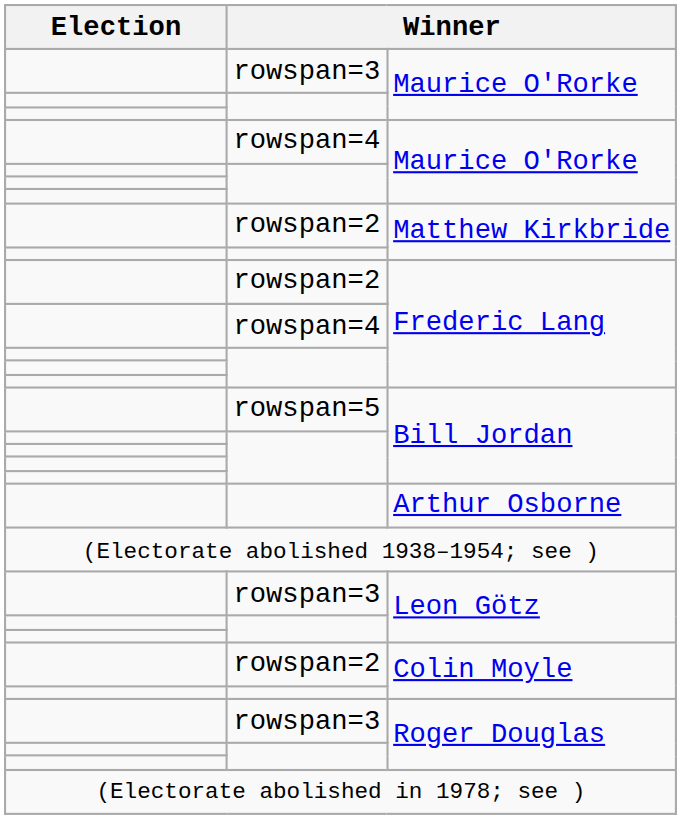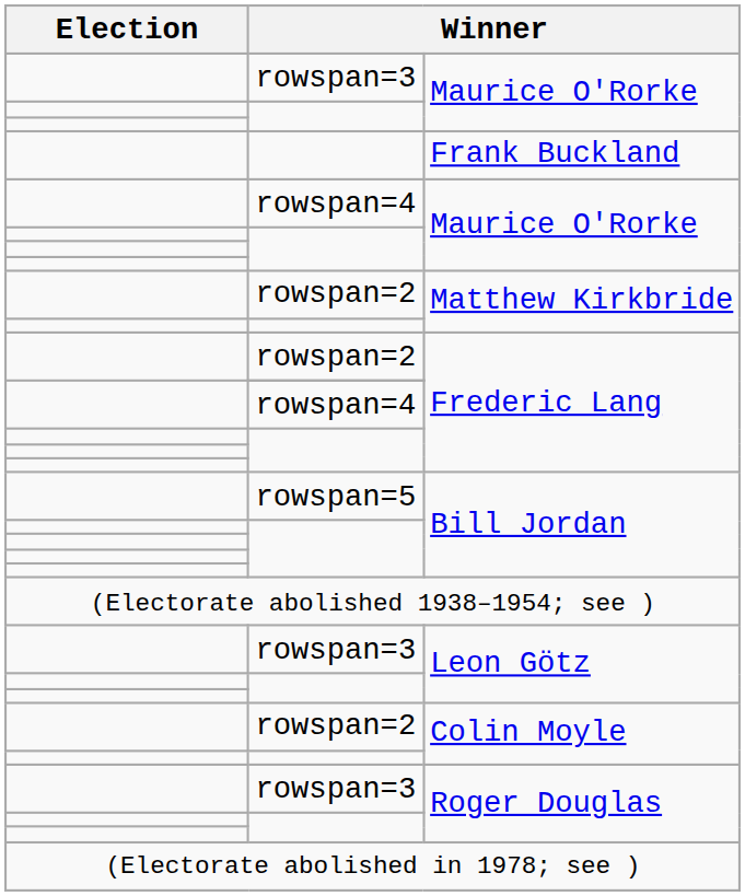 <table class=wikitable>
 <tr>
 <th width=100>Election</th>
 <th width=175 colspan=2>Winner</th>
 </tr>
 <tr>
 <td></td>
 <td>rowspan=3 </td>
 <td rowspan=3><a href='#'>Maurice O'Rorke</a></td>
 </tr>
 <tr>
 <td></td>
 </tr>
 <tr>
 <td></td>
+</tr>
+<tr>
+<td></td>
+<td></td>
+<td><a href='#'>Frank Buckland</a></td>
 </tr>
 <tr>
 <td></td>
 <td>rowspan=4 </td>
 <td rowspan=4><a href='#'>Maurice O'Rorke</a></td>
 </tr>
 <tr>
 <td></td>
 </tr>
 <tr>
 <td></td>
 </tr>
 <tr>
 <td></td>
 </tr>
 <tr>
 <td></td>
 <td>rowspan=2 </td>
 <td rowspan=2><a href='#'>Matthew Kirkbride</a></td>
 </tr>
 <tr>
 <td></td>
 </tr>
 <tr>
 <td></td>
 <td>rowspan=2 </td>
 <td rowspan=6><a href='#'>Frederic Lang</a></td>
 </tr>
 <tr>
 <td rowspan=2></td>
 </tr>
 <tr>
 <td>rowspan=4 </td>
 </tr>
 <tr>
 <td></td>
 </tr>
 <tr>
 <td></td>
 </tr>
 <tr>
 <td></td>
 </tr>
 <tr>
 <td></td>
 <td>rowspan=5 </td>
 <td rowspan=5><a href='#'>Bill Jordan</a></td>
 </tr>
 <tr>
 <td></td>
 </tr>
 <tr>
 <td></td>
 </tr>
 <tr>
 <td></td>
 </tr>
 <tr>
 <td></td>
 </tr>
 <tr>
-<td></td>
-<td></td>
-<td><a href='#'>Arthur Osborne</a></td>
-</tr>
-<tr>
 <td colspan=3 align=center><small>(Electorate abolished 1938–1954; see )</small></td>
 </tr>
 <tr>
 <td></td>
 <td>rowspan=3 </td>
 <td rowspan=3><a href='#'>Leon Götz</a></td>
 </tr>
 <tr>
 <td></td>
 </tr>
 <tr>
 <td></td>
 </tr>
 <tr>
 <td></td>
 <td>rowspan=2 </td>
 <td rowspan=2><a href='#'>Colin Moyle</a></td>
 </tr>
 <tr>
 <td></td>
 </tr>
 <tr>
 <td></td>
 <td>rowspan=3 </td>
 <td rowspan=3><a href='#'>Roger Douglas</a></td>
 </tr>
 <tr>
 <td></td>
 </tr>
 <tr>
 <td></td>
 </tr>
 <tr>
 <td colspan=3 align=center><small>(Electorate abolished in 1978; see )</small></td>
 </tr>
 </table>
